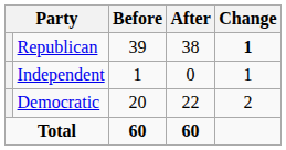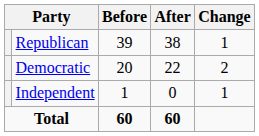 <table class="wikitable" style="text-align:center;">
 <tr>
 <th colspan="2">Party</th>
 <th>Before</th>
 <th>After</th>
 <th>Change</th>
 </tr>
 <tr>
 <th style="background-color:"></th>
 <td style="text-align:left;"><a href='#'>Republican</a></td>
 <td>39</td>
 <td>38</td>
-<td><strong> 1</strong></td>
-</tr>
-<tr>
-<th style="background-color:"></th>
-<td style="text-align:left;"><a href='#'>Independent</a></td>
-<td>1</td>
-<td>0</td>
 <td> 1</td>
 </tr>
 <tr>
 <th style="background-color:"></th>
 <td style="text-align:left;"><a href='#'>Democratic</a></td>
 <td>20</td>
 <td>22</td>
 <td> 2</td>
 </tr>
 <tr>
+<th style="background-color:"></th>
+<td style="text-align:left;"><a href='#'>Independent</a></td>
+<td>1</td>
+<td>0</td>
+<td> 1</td>
+</tr>
+<tr>
 <td colspan="2"><strong>Total</strong></td>
 <td><strong>60</strong></td>
 <td><strong>60</strong></td>
 <td></td>
 </tr>
 </table>
